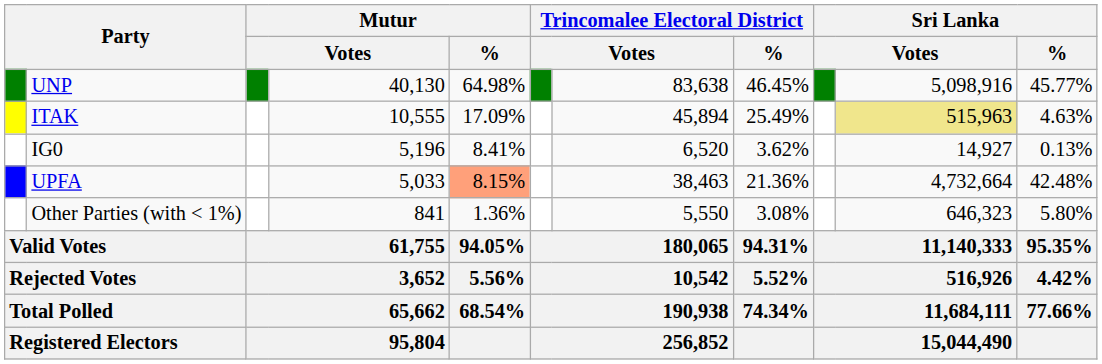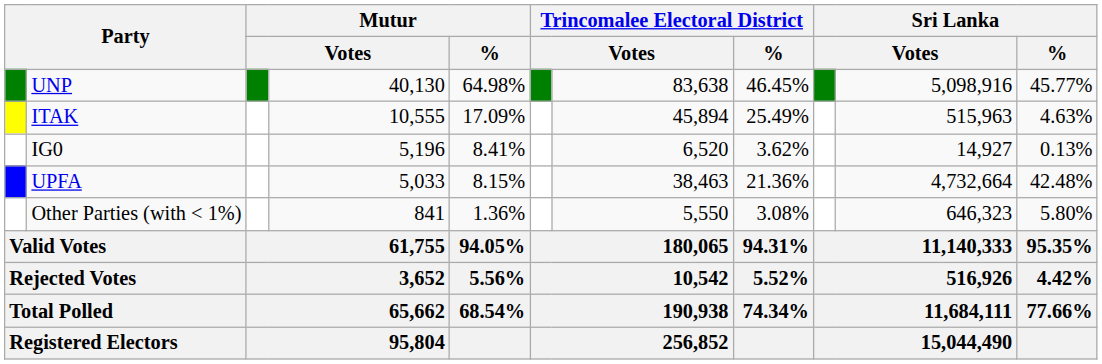 <table class="wikitable">
 <tr>
 <th colspan="2" width="144px"rowspan="2">Party</th>
 <th colspan="3" width="216px">Mutur</th>
 <th colspan="3" width="216px"><a href='#'>Trincomalee Electoral District</a></th>
 <th colspan="3" width="216px">Sri Lanka</th>
 </tr>
 <tr>
 <th colspan="2" width="144px">Votes</th>
 <th>%</th>
 <th colspan="2" width="144px">Votes</th>
 <th>%</th>
 <th colspan="2" width="144px">Votes</th>
 <th>%</th>
 </tr>
 <tr>
 <td style="background-color:green;" width="10px"></td>
 <td style="text-align:left;"><a href='#'>UNP</a></td>
 <td style="background-color:green;" width="10px"></td>
 <td style="text-align:right;">40,130</td>
 <td style="text-align:right;">64.98%</td>
 <td style="background-color:green;" width="10px"></td>
 <td style="text-align:right;">83,638</td>
 <td style="text-align:right;">46.45%</td>
 <td style="background-color:green;" width="10px"></td>
 <td style="text-align:right;">5,098,916</td>
 <td style="text-align:right;">45.77%</td>
 </tr>
 <tr>
 <td style="background-color:yellow;" width="10px"></td>
 <td style="text-align:left;"><a href='#'>ITAK</a></td>
 <td style="background-color:white;" width="10px"></td>
 <td style="text-align:right;">10,555</td>
 <td style="text-align:right;">17.09%</td>
 <td style="background-color:white;" width="10px"></td>
 <td style="text-align:right;">45,894</td>
 <td style="text-align:right;">25.49%</td>
 <td style="background-color:white;" width="10px"></td>
-<td style="background: khaki; text-align:right;">515,963</td>
+<td style="text-align:right;">515,963</td>
 <td style="text-align:right;">4.63%</td>
 </tr>
 <tr>
 <td style="background-color:white;" width="10px"></td>
 <td style="text-align:left;">IG0</td>
 <td style="background-color:white;" width="10px"></td>
 <td style="text-align:right;">5,196</td>
 <td style="text-align:right;">8.41%</td>
 <td style="background-color:white;" width="10px"></td>
 <td style="text-align:right;">6,520</td>
 <td style="text-align:right;">3.62%</td>
 <td style="background-color:white;" width="10px"></td>
 <td style="text-align:right;">14,927</td>
 <td style="text-align:right;">0.13%</td>
 </tr>
 <tr>
 <td style="background-color:blue;" width="10px"></td>
 <td style="text-align:left;"><a href='#'>UPFA</a></td>
 <td style="background-color:white;" width="10px"></td>
 <td style="text-align:right;">5,033</td>
-<td style="background: lightsalmon; text-align:right;">8.15%</td>
+<td style="text-align:right;">8.15%</td>
 <td style="background-color:white;" width="10px"></td>
 <td style="text-align:right;">38,463</td>
 <td style="text-align:right;">21.36%</td>
 <td style="background-color:white;" width="10px"></td>
 <td style="text-align:right;">4,732,664</td>
 <td style="text-align:right;">42.48%</td>
 </tr>
 <tr>
 <td style="background-color:white;" width="10px"></td>
 <td style="text-align:left;">Other Parties (with < 1%)</td>
 <td style="background-color:white;" width="10px"></td>
 <td style="text-align:right;">841</td>
 <td style="text-align:right;">1.36%</td>
 <td style="background-color:white;" width="10px"></td>
 <td style="text-align:right;">5,550</td>
 <td style="text-align:right;">3.08%</td>
 <td style="background-color:white;" width="10px"></td>
 <td style="text-align:right;">646,323</td>
 <td style="text-align:right;">5.80%</td>
 </tr>
 <tr>
 <th colspan="2" width="144px"style="text-align:left;">Valid Votes</th>
 <th style="text-align:right;"colspan="2" width="144px">61,755</th>
 <th style="text-align:right;">94.05%</th>
 <th style="text-align:right;"colspan="2" width="144px">180,065</th>
 <th style="text-align:right;">94.31%</th>
 <th style="text-align:right;"colspan="2" width="144px">11,140,333</th>
 <th style="text-align:right;">95.35%</th>
 </tr>
 <tr>
 <th colspan="2" width="144px"style="text-align:left;">Rejected Votes</th>
 <th style="text-align:right;"colspan="2" width="144px">3,652</th>
 <th style="text-align:right;">5.56%</th>
 <th style="text-align:right;"colspan="2" width="144px">10,542</th>
 <th style="text-align:right;">5.52%</th>
 <th style="text-align:right;"colspan="2" width="144px">516,926</th>
 <th style="text-align:right;">4.42%</th>
 </tr>
 <tr>
 <th colspan="2" width="144px"style="text-align:left;">Total Polled</th>
 <th style="text-align:right;"colspan="2" width="144px">65,662</th>
 <th style="text-align:right;">68.54%</th>
 <th style="text-align:right;"colspan="2" width="144px">190,938</th>
 <th style="text-align:right;">74.34%</th>
 <th style="text-align:right;"colspan="2" width="144px">11,684,111</th>
 <th style="text-align:right;">77.66%</th>
 </tr>
 <tr>
 <th colspan="2" width="144px"style="text-align:left;">Registered Electors</th>
 <th style="text-align:right;"colspan="2" width="144px">95,804</th>
 <th></th>
 <th style="text-align:right;"colspan="2" width="144px">256,852</th>
 <th></th>
 <th style="text-align:right;"colspan="2" width="144px">15,044,490</th>
 <th></th>
 </tr>
 </table>
